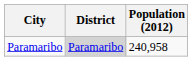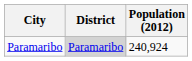 <table class="wikitable sortable sticky-header col3right">
 <tr>
 <th>City</th>
 <th>District</th>
 <th>Population<br>(2012)</th>
 </tr>
 <tr>
 <td><a href='#'>Paramaribo</a></td>
 <td style="background: lightgrey;"><a href='#'>Paramaribo</a></td>
-<td>240,958</td>
+<td>240,924</td>
 </tr>
 </table>
